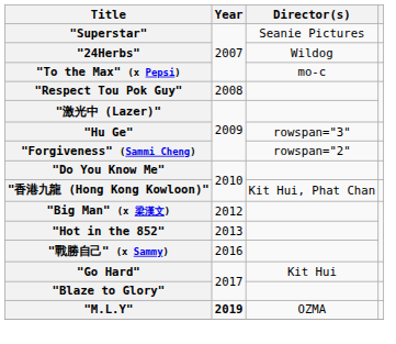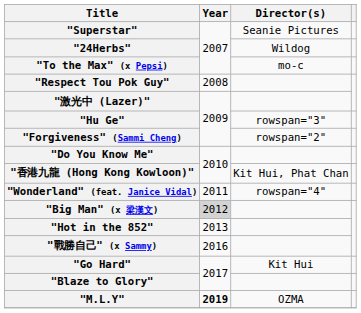 <table class="wikitable plainrowheaders" style="text-align:center;">
 <tr>
 <th>Title</th>
 <th>Year</th>
 <th>Director(s)</th>
 <th></th>
 </tr>
 <tr>
 <th scope="row">"Superstar"</th>
 <td rowspan="3">2007</td>
 <td>Seanie Pictures</td>
 <td></td>
 </tr>
 <tr>
 <th scope="row">"24Herbs"</th>
 <td>Wildog</td>
 <td></td>
 </tr>
 <tr>
 <th scope="row">"To the Max" <small>(x <a href='#'>Pepsi</a>)</small></th>
 <td>mo-c</td>
 <td></td>
 </tr>
 <tr>
 <th scope="row">"Respect Tou Pok Guy"</th>
 <td>2008</td>
 <td></td>
 </tr>
 <tr>
 <th scope="row">"激光中 (Lazer)"</th>
 <td rowspan="3">2009</td>
 <td></td>
 </tr>
 <tr>
 <th scope="row">"Hu Ge"</th>
 <td>rowspan="3" </td>
 <td></td>
 </tr>
 <tr>
 <th scope="row">"Forgiveness" <small>(<a href='#'>Sammi Cheng</a>)</small></th>
 <td>rowspan="2" </td>
 <td></td>
 </tr>
 <tr>
 <th scope="row">"Do You Know Me"</th>
 <td rowspan="2">2010</td>
 <td></td>
 </tr>
 <tr>
 <th scope="row">"香港九龍 (Hong Kong Kowloon)"</th>
 <td>Kit Hui, Phat Chan</td>
 <td></td>
 </tr>
 <tr>
+<th scope="row">"Wonderland" <small>(feat. <a href='#'>Janice Vidal</a>)</small></th>
+<td>2011</td>
+<td>rowspan="4" </td>
+<td></td>
+</tr>
+<tr>
 <th scope="row">"Big Man" <small>(x <a href='#'>梁漢文</a>)</small></th>
-<td>2012</td>
+<td style="background: lightgrey;">2012</td>
 <td></td>
 </tr>
 <tr>
 <th scope="row">"Hot in the 852"</th>
 <td>2013</td>
 <td></td>
 </tr>
 <tr>
 <th scope="row">"戰勝自己" <small>(x <a href='#'>Sammy</a>)</small></th>
 <td>2016</td>
 <td></td>
 </tr>
 <tr>
 <th scope="row">"Go Hard"</th>
 <td rowspan="2">2017</td>
 <td>Kit Hui</td>
 <td></td>
 </tr>
 <tr>
 <th scope="row">"Blaze to Glory"</th>
 <td></td>
 <td></td>
 </tr>
 <tr>
 <th scope="row">"M.L.Y"</th>
 <td><strong>2019</strong></td>
 <td>OZMA</td>
 <td></td>
 </tr>
 <tr>
 </tr>
 </table>
